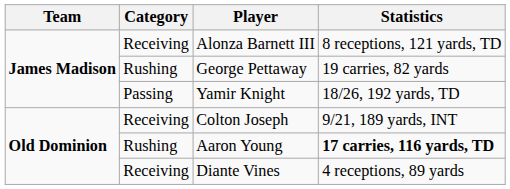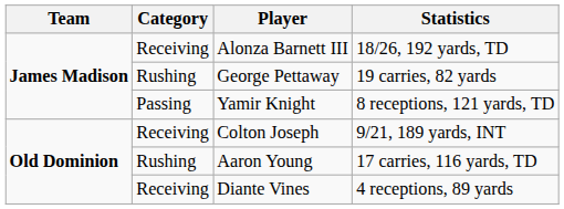 <table class="wikitable" style="float: right;">
 <tr>
 <th>Team</th>
 <th>Category</th>
 <th>Player</th>
 <th>Statistics</th>
 </tr>
 <tr>
 <td rowspan=3><strong>James Madison</strong></td>
 <td>Receiving</td>
 <td>Alonza Barnett III</td>
-<td>8 receptions, 121 yards, TD</td>
+<td>18/26, 192 yards, TD</td>
 </tr>
 <tr>
 <td>Rushing</td>
 <td>George Pettaway</td>
 <td>19 carries, 82 yards</td>
 </tr>
 <tr>
 <td>Passing</td>
 <td>Yamir Knight</td>
-<td>18/26, 192 yards, TD</td>
+<td>8 receptions, 121 yards, TD</td>
 </tr>
 <tr>
 <td rowspan=3><strong>Old Dominion</strong></td>
 <td>Receiving</td>
 <td>Colton Joseph</td>
 <td>9/21, 189 yards, INT</td>
 </tr>
 <tr>
 <td>Rushing</td>
 <td>Aaron Young</td>
-<td><strong>17 carries, 116 yards, TD</strong></td>
+<td>17 carries, 116 yards, TD</td>
 </tr>
 <tr>
 <td>Receiving</td>
 <td>Diante Vines</td>
 <td>4 receptions, 89 yards</td>
 </tr>
 </table>
